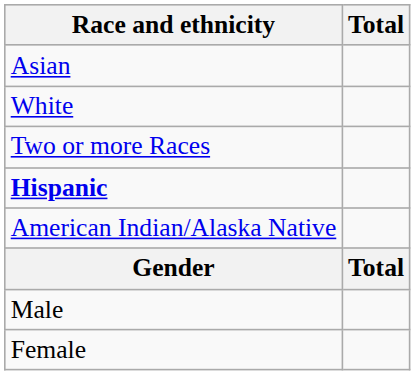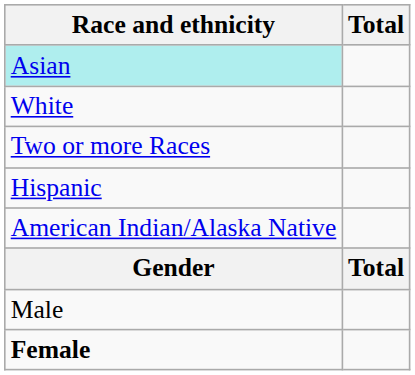 <table class="wikitable floatright sortable collapsible"; text-align:right; font-size:80%;">
 <tr>
 <th>Race and ethnicity</th>
 <th colspan="2" data-sort-type=number>Total</th>
 </tr>
 <tr>
-<td><a href='#'>Asian</a></td>
+<td style="background: paleturquoise;"><a href='#'>Asian</a></td>
 <td align=right></td>
 </tr>
 <tr>
 <td><a href='#'>White</a></td>
 <td align=right></td>
 </tr>
 <tr>
 <td><a href='#'>Two or more Races</a></td>
 <td align=right></td>
 </tr>
 <tr>
-<td><strong><a href='#'>Hispanic</a></strong></td>
+<td><a href='#'>Hispanic</a></td>
 <td align=right></td>
 </tr>
 <tr>
 <td><a href='#'>American Indian/Alaska Native</a></td>
 <td align=right></td>
 </tr>
 <tr>
 <th>Gender</th>
 <th colspan="2" data-sort-type=number>Total</th>
 </tr>
 <tr>
 <td>Male</td>
 <td align=right></td>
 </tr>
 <tr>
-<td>Female</td>
+<td><strong>Female</strong></td>
 <td align=right></td>
 </tr>
 </table>
